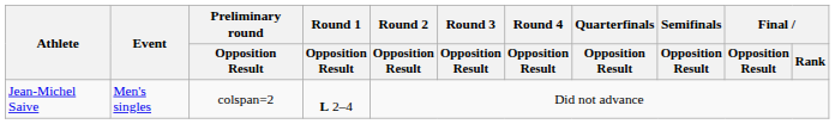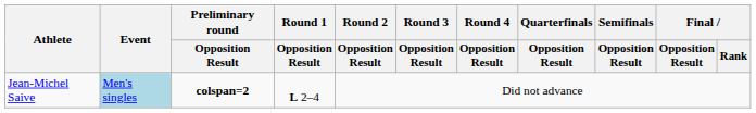 <table class="wikitable" style="font-size:90%">
 <tr>
 <th rowspan="2">Athlete</th>
 <th rowspan="2">Event</th>
 <th>Preliminary round</th>
 <th>Round 1</th>
 <th>Round 2</th>
 <th>Round 3</th>
 <th>Round 4</th>
 <th>Quarterfinals</th>
 <th>Semifinals</th>
 <th colspan=2>Final / </th>
 </tr>
 <tr style="font-size:95%">
 <th>Opposition<br>Result</th>
 <th>Opposition<br>Result</th>
 <th>Opposition<br>Result</th>
 <th>Opposition<br>Result</th>
 <th>Opposition<br>Result</th>
 <th>Opposition<br>Result</th>
 <th>Opposition<br>Result</th>
 <th>Opposition<br>Result</th>
 <th>Rank</th>
 </tr>
 <tr align=center>
 <td align=left><a href='#'>Jean-Michel Saive</a></td>
-<td align=left><a href='#'>Men's singles</a></td>
-<td>colspan=2 </td>
+<td align=left style="background: lightblue;"><a href='#'>Men's singles</a></td>
+<td><strong>colspan=2 </strong></td>
 <td><br><strong>L</strong> 2–4</td>
 <td colspan=7>Did not advance</td>
 </tr>
 </table>
